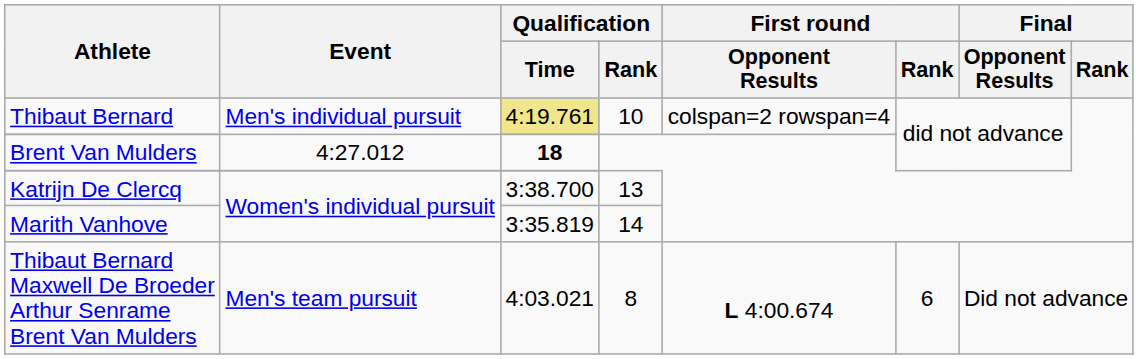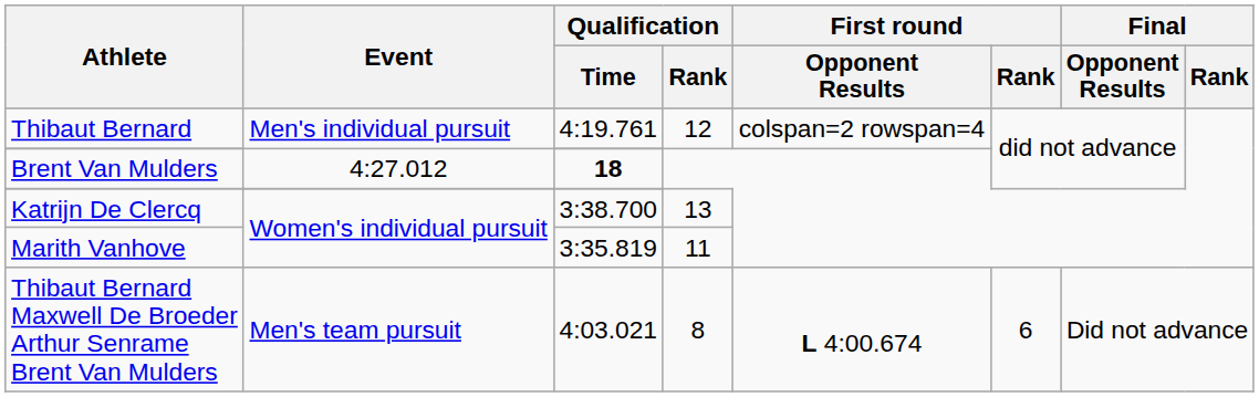 <table class="wikitable" style="font-size:90%">
 <tr>
 <th rowspan=2>Athlete</th>
 <th rowspan=2>Event</th>
 <th colspan=2>Qualification</th>
 <th colspan=2>First round</th>
 <th colspan=2>Final</th>
 </tr>
 <tr style="font-size:95%">
 <th>Time</th>
 <th>Rank</th>
 <th>Opponent<br>Results</th>
 <th>Rank</th>
 <th>Opponent<br>Results</th>
 <th>Rank</th>
 </tr>
 <tr align=center>
 <td align=left><a href='#'>Thibaut Bernard</a></td>
 <td align=left rowspan=2><a href='#'>Men's individual pursuit</a></td>
-<td style="background: khaki;">4:19.761</td>
-<td>10</td>
+<td>4:19.761</td>
+<td>12</td>
 <td>colspan=2 rowspan=4</td>
 <td colspan=2 rowspan=4>did not advance</td>
 </tr>
 <tr>
 </tr>
 <tr align=center>
 <td align=left><a href='#'>Brent Van Mulders</a></td>
 <td>4:27.012</td>
 <td><strong>18</strong></td>
 </tr>
 <tr>
 </tr>
 <tr align=center>
 <td align=left><a href='#'>Katrijn De Clercq</a></td>
 <td align=left rowspan=2><a href='#'>Women's individual pursuit</a></td>
 <td>3:38.700</td>
 <td>13</td>
 </tr>
 <tr align=center>
 <td align=left><a href='#'>Marith Vanhove</a></td>
 <td>3:35.819</td>
-<td>14</td>
+<td>11</td>
 </tr>
 <tr align=center>
 <td align=left><a href='#'>Thibaut Bernard</a><br><a href='#'>Maxwell De Broeder</a><br><a href='#'>Arthur Senrame</a><br><a href='#'>Brent Van Mulders</a></td>
 <td align=left><a href='#'>Men's team pursuit</a></td>
 <td>4:03.021</td>
 <td>8</td>
 <td><br><strong>L</strong> 4:00.674<br></td>
 <td>6</td>
 <td colspan=2>Did not advance</td>
 </tr>
 </table>
